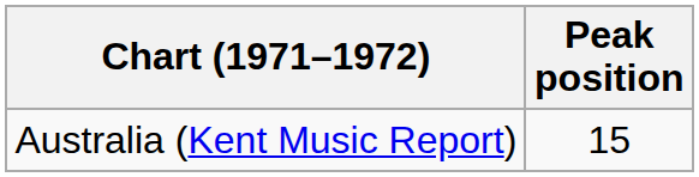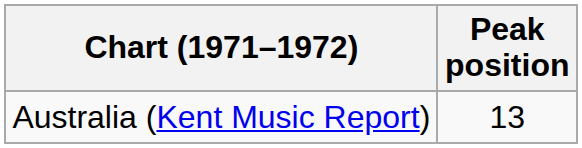 <table class="wikitable">
 <tr>
 <th scope="col">Chart (1971–1972)</th>
 <th>Peak<br>position</th>
 </tr>
 <tr>
 <td>Australia (<a href='#'>Kent Music Report</a>)</td>
-<td style="text-align:center;">15</td>
+<td style="text-align:center;">13</td>
 </tr>
 </table>
